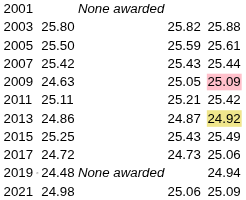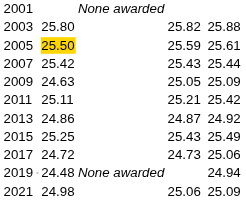 <table>
 <tr>
 <td>2001</td>
 <td><br></td>
 <td></td>
 <td><em>None awarded</em></td>
 <td></td>
 <td></td>
 <td></td>
 </tr>
 <tr>
 <td>2003</td>
 <td></td>
 <td>25.80</td>
 <td></td>
 <td>25.82</td>
 <td></td>
 <td>25.88</td>
 </tr>
 <tr>
 <td>2005</td>
 <td></td>
-<td>25.50</td>
+<td style="background: gold;">25.50</td>
 <td></td>
 <td>25.59</td>
 <td><br></td>
 <td>25.61</td>
 </tr>
 <tr>
 <td>2007</td>
 <td></td>
 <td>25.42</td>
 <td></td>
 <td>25.43</td>
 <td></td>
 <td>25.44</td>
 </tr>
 <tr>
 <td>2009</td>
 <td></td>
 <td>24.63</td>
 <td></td>
 <td>25.05</td>
 <td></td>
-<td style="background: pink;">25.09</td>
+<td>25.09</td>
 </tr>
 <tr>
 <td>2011</td>
 <td></td>
 <td>25.11</td>
 <td></td>
 <td>25.21</td>
 <td></td>
 <td>25.42</td>
 </tr>
 <tr>
 <td>2013</td>
 <td></td>
 <td>24.86</td>
 <td></td>
 <td>24.87</td>
 <td></td>
-<td style="background: khaki;">24.92</td>
+<td>24.92</td>
 </tr>
 <tr>
 <td>2015</td>
 <td></td>
 <td>25.25</td>
 <td></td>
 <td>25.43</td>
 <td></td>
 <td>25.49</td>
 </tr>
 <tr>
 <td>2017</td>
 <td></td>
 <td>24.72</td>
 <td></td>
 <td>24.73</td>
 <td></td>
 <td>25.06</td>
 </tr>
 <tr>
 <td>2019</td>
 <td><hr></td>
 <td>24.48</td>
 <td><em>None awarded</em></td>
 <td></td>
 <td></td>
 <td>24.94</td>
 </tr>
 <tr>
 <td>2021</td>
 <td></td>
 <td>24.98</td>
 <td></td>
 <td>25.06</td>
 <td></td>
 <td>25.09</td>
 </tr>
 </table>
